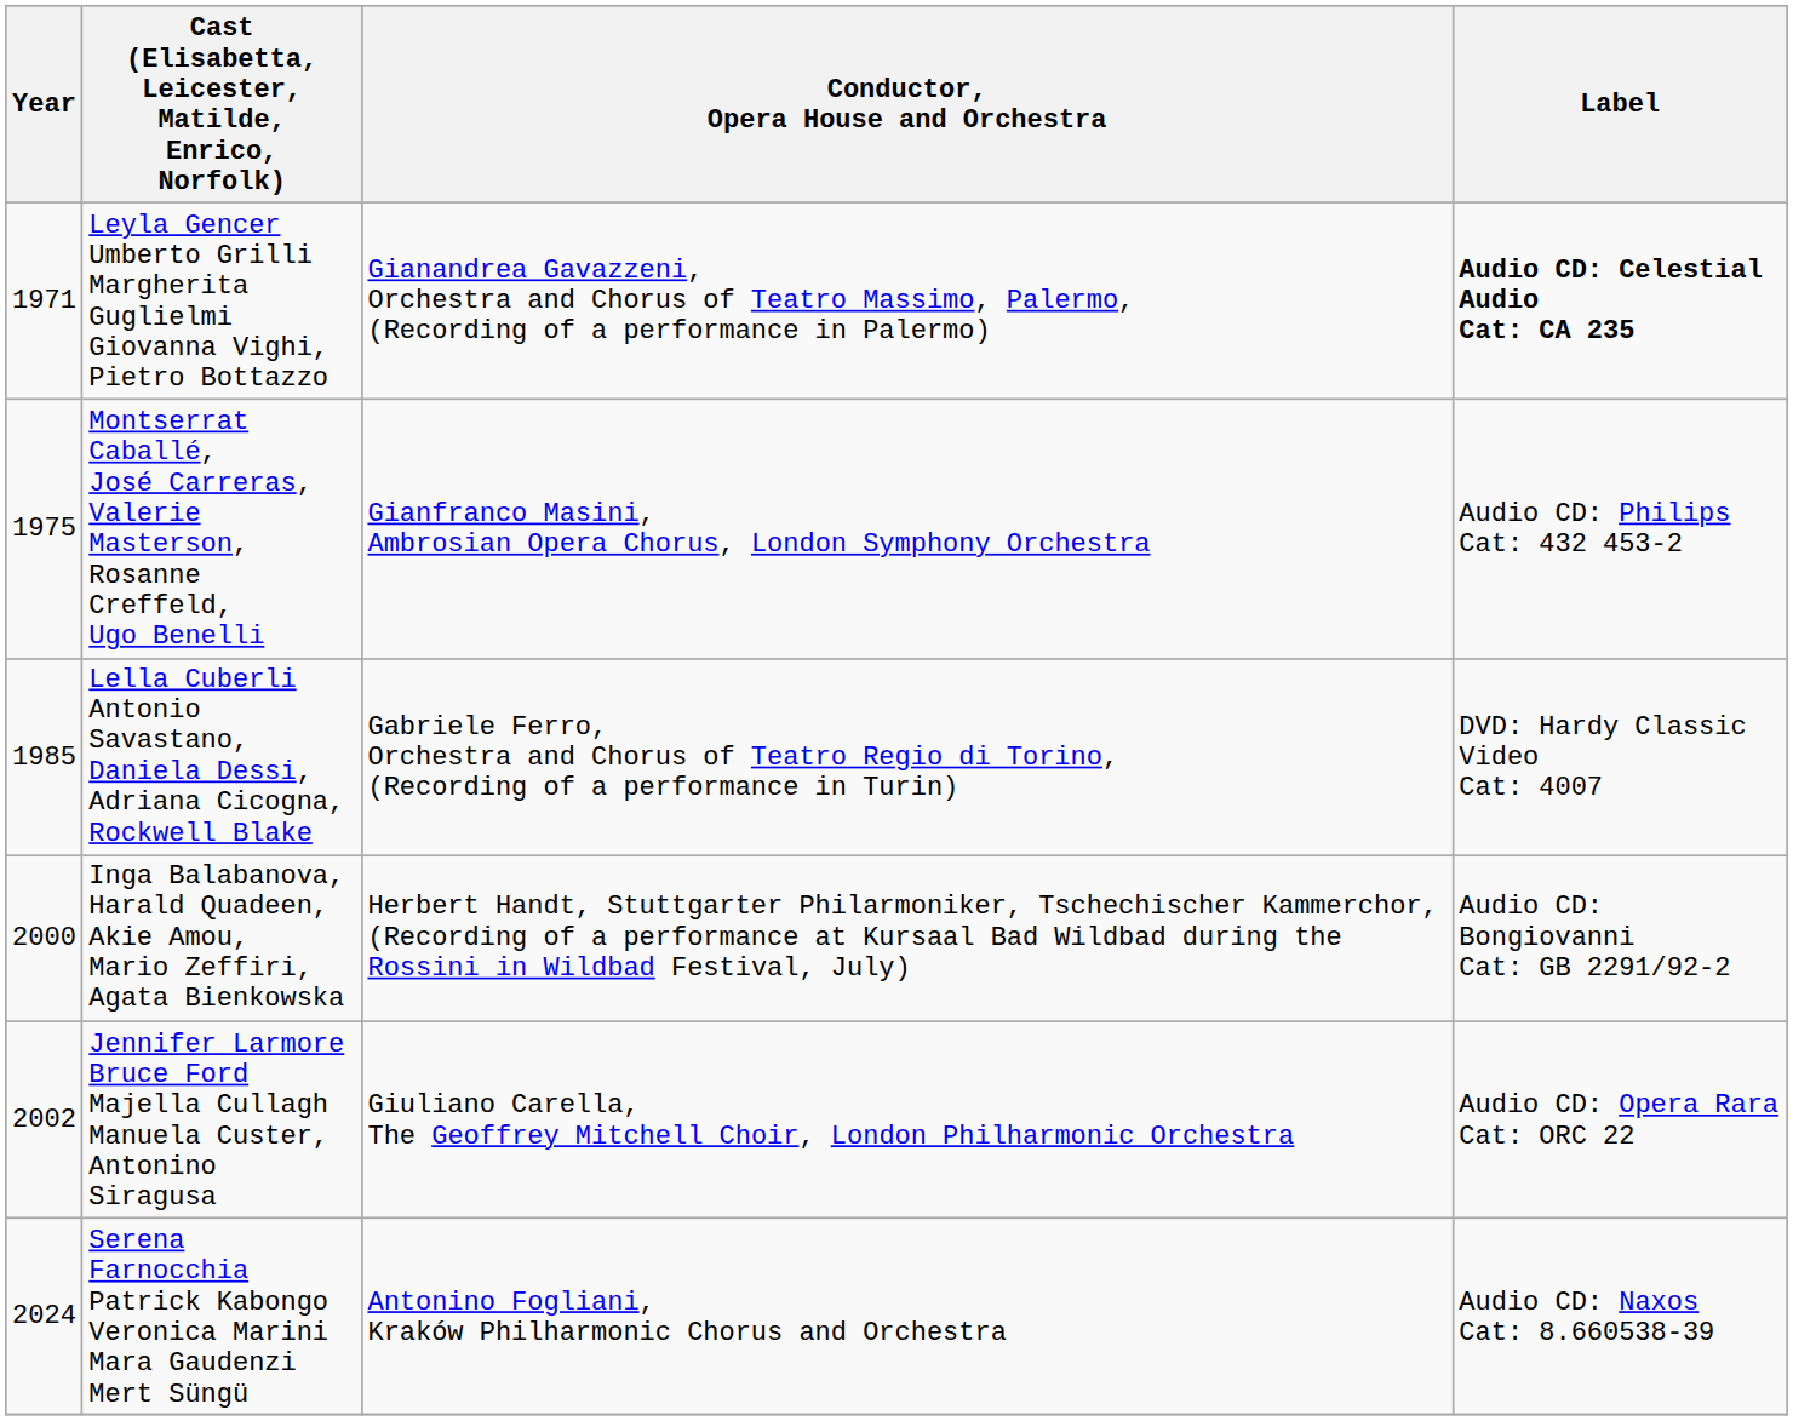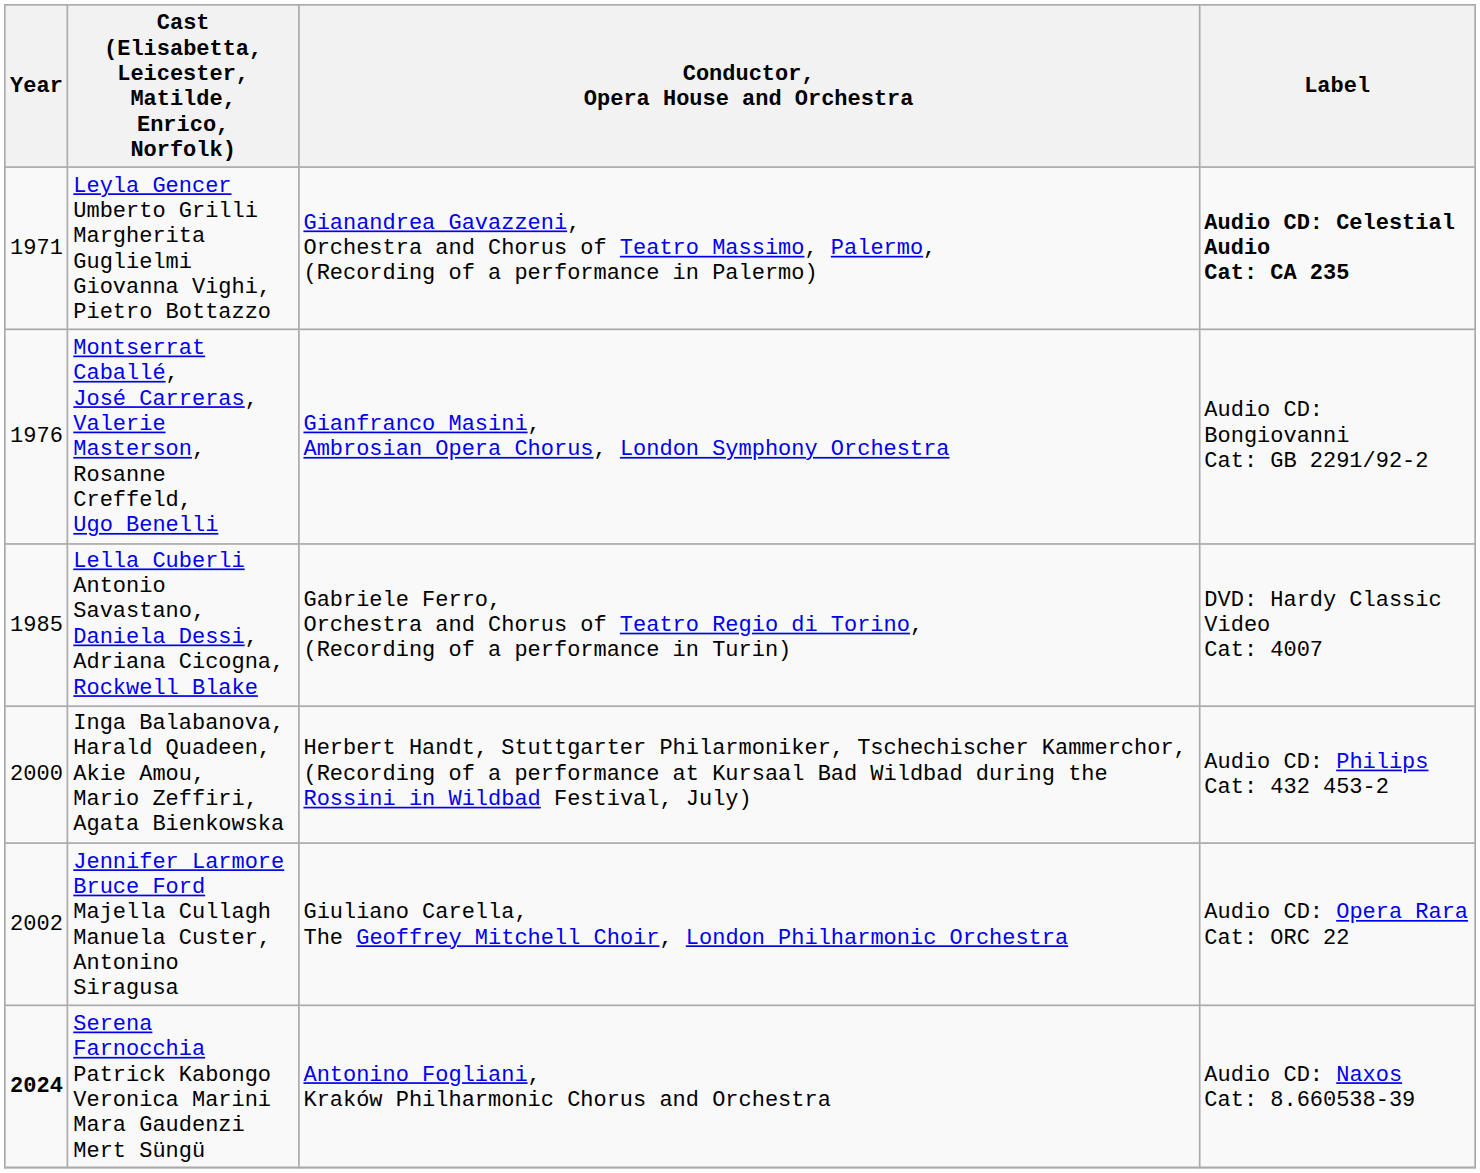 <table class="wikitable">
 <tr>
 <th>Year</th>
 <th width="130">Cast <br>(Elisabetta, Leicester,<br>Matilde,<br>Enrico,<br>Norfolk)</th>
 <th>Conductor,<br>Opera House and Orchestra</th>
 <th>Label</th>
 </tr>
 <tr>
 <td>1971</td>
 <td><a href='#'>Leyla Gencer</a><br>Umberto Grilli<br>Margherita Guglielmi<br>Giovanna Vighi,<br>Pietro Bottazzo</td>
 <td><a href='#'>Gianandrea Gavazzeni</a>,<br>Orchestra and Chorus of <a href='#'>Teatro Massimo</a>, <a href='#'>Palermo</a>, <br>(Recording of a performance in Palermo)</td>
 <td><strong>Audio CD: Celestial Audio<br> Cat: CA 235</strong></td>
 </tr>
 <tr>
-<td>1975</td>
+<td>1976</td>
 <td><a href='#'>Montserrat Caballé</a>,<br><a href='#'>José Carreras</a>,<br><a href='#'>Valerie Masterson</a>,<br>Rosanne Creffeld,<br><a href='#'>Ugo Benelli</a></td>
 <td><a href='#'>Gianfranco Masini</a>,<br><a href='#'>Ambrosian Opera Chorus</a>, <a href='#'>London Symphony Orchestra</a></td>
-<td>Audio CD: <a href='#'>Philips</a><br> Cat: 432 453-2</td>
+<td>Audio CD: Bongiovanni<br>Cat: GB 2291/92-2</td>
 </tr>
 <tr>
 <td>1985</td>
 <td><a href='#'>Lella Cuberli</a><br>Antonio Savastano,<br><a href='#'>Daniela Dessi</a>,<br>Adriana Cicogna,<br><a href='#'>Rockwell Blake</a></td>
 <td>Gabriele Ferro,<br>Orchestra and Chorus of <a href='#'>Teatro Regio di Torino</a>,<br>(Recording of a performance in Turin)</td>
 <td>DVD: Hardy Classic Video<br> Cat: 4007</td>
 </tr>
 <tr>
 <td>2000</td>
 <td>Inga Balabanova,<br>Harald Quadeen,<br>Akie Amou,<br>Mario Zeffiri,<br>Agata Bienkowska</td>
 <td>Herbert Handt, Stuttgarter Philarmoniker, Tschechischer Kammerchor,<br>(Recording of a performance  at Kursaal Bad Wildbad during the <a href='#'>Rossini in Wildbad</a> Festival, July)</td>
-<td>Audio CD: Bongiovanni<br>Cat: GB 2291/92-2</td>
+<td>Audio CD: <a href='#'>Philips</a><br> Cat: 432 453-2</td>
 </tr>
 <tr>
 <td>2002</td>
 <td><a href='#'>Jennifer Larmore</a><br><a href='#'>Bruce Ford</a><br>Majella Cullagh<br>Manuela Custer,<br>Antonino Siragusa</td>
 <td>Giuliano Carella,<br>The <a href='#'>Geoffrey Mitchell Choir</a>, <a href='#'>London Philharmonic Orchestra</a></td>
 <td>Audio CD: <a href='#'>Opera Rara</a><br> Cat: ORC 22</td>
 </tr>
 <tr>
-<td>2024</td>
+<td><strong>2024</strong></td>
 <td><a href='#'>Serena Farnocchia</a><br>Patrick Kabongo Veronica Marini  Mara Gaudenzi Mert Süngü</td>
 <td><a href='#'>Antonino Fogliani</a>,<br>Kraków Philharmonic Chorus and Orchestra</td>
 <td>Audio CD: <a href='#'>Naxos</a><br>Cat: 8.660538-39</td>
 </tr>
 <tr>
 </tr>
 </table>
